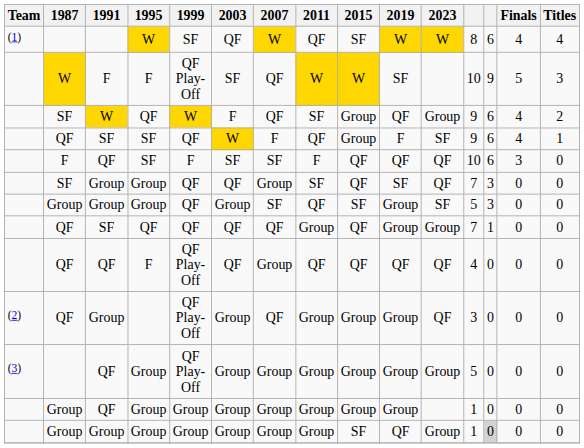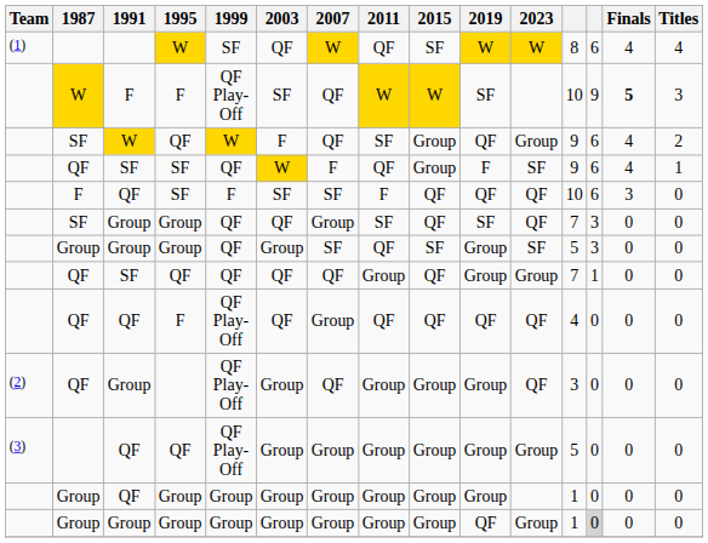 <table class="wikitable sortable" style="text-align:center">
 <tr>
 <th>Team</th>
 <th>1987</th>
 <th>1991</th>
 <th>1995</th>
 <th>1999</th>
 <th>2003</th>
 <th>2007</th>
 <th>2011</th>
 <th>2015</th>
 <th>2019</th>
 <th>2023</th>
 <th></th>
 <th></th>
 <th>Finals</th>
 <th>Titles</th>
 </tr>
 <tr>
 <td align=left><sup>(<a href='#'>1</a>)</sup></td>
 <td></td>
 <td></td>
 <td style="background:gold;">W</td>
 <td>SF</td>
 <td>QF</td>
 <td style="background:gold;">W</td>
 <td>QF</td>
 <td>SF</td>
 <td style="background:gold;">W</td>
 <td style="background:gold;">W</td>
 <td>8</td>
 <td>6</td>
 <td>4</td>
 <td>4</td>
 </tr>
 <tr>
 <td align=left></td>
 <td style="background:gold;">W</td>
 <td>F</td>
 <td>F</td>
 <td>QF Play-Off</td>
 <td>SF</td>
 <td>QF</td>
 <td style="background:gold;">W</td>
 <td style="background:gold;">W</td>
 <td>SF</td>
 <td></td>
 <td>10</td>
 <td>9</td>
-<td>5</td>
+<td><strong>5</strong></td>
 <td>3</td>
 </tr>
 <tr>
 <td align=left></td>
 <td>SF</td>
 <td style="background:gold;">W</td>
 <td>QF</td>
 <td style="background:gold;">W</td>
 <td>F</td>
 <td>QF</td>
 <td>SF</td>
 <td>Group</td>
 <td>QF</td>
 <td>Group</td>
 <td>9</td>
 <td>6</td>
 <td>4</td>
 <td>2</td>
 </tr>
 <tr>
 <td align=left></td>
 <td>QF</td>
 <td>SF</td>
 <td>SF</td>
 <td>QF</td>
 <td style="background:gold;">W</td>
 <td>F</td>
 <td>QF</td>
 <td>Group</td>
 <td>F</td>
 <td>SF</td>
 <td>9</td>
 <td>6</td>
 <td>4</td>
 <td>1</td>
 </tr>
 <tr>
 <td align=left></td>
 <td>F</td>
 <td>QF</td>
 <td>SF</td>
 <td>F</td>
 <td>SF</td>
 <td>SF</td>
 <td>F</td>
 <td>QF</td>
 <td>QF</td>
 <td>QF</td>
 <td>10</td>
 <td>6</td>
 <td>3</td>
 <td>0</td>
 </tr>
 <tr>
 <td align=left></td>
 <td>SF</td>
 <td>Group</td>
 <td>Group</td>
 <td>QF</td>
 <td>QF</td>
 <td>Group</td>
 <td>SF</td>
 <td>QF</td>
 <td>SF</td>
 <td>QF</td>
 <td>7</td>
 <td>3</td>
 <td>0</td>
 <td>0</td>
 </tr>
 <tr>
 <td align=left></td>
 <td>Group</td>
 <td>Group</td>
 <td>Group</td>
 <td>QF</td>
 <td>Group</td>
 <td>SF</td>
 <td>QF</td>
 <td>SF</td>
 <td>Group</td>
 <td>SF</td>
 <td>5</td>
 <td>3</td>
 <td>0</td>
 <td>0</td>
 </tr>
 <tr>
 <td align=left></td>
 <td>QF</td>
 <td>SF</td>
 <td>QF</td>
 <td>QF</td>
 <td>QF</td>
 <td>QF</td>
 <td>Group</td>
 <td>QF</td>
 <td>Group</td>
 <td>Group</td>
 <td>7</td>
 <td>1</td>
 <td>0</td>
 <td>0</td>
 </tr>
 <tr>
 <td align=left></td>
 <td>QF</td>
 <td>QF</td>
 <td>F</td>
 <td>QF Play-Off</td>
 <td>QF</td>
 <td>Group</td>
 <td>QF</td>
 <td>QF</td>
 <td>QF</td>
 <td>QF</td>
 <td>4</td>
 <td>0</td>
 <td>0</td>
 <td>0</td>
 </tr>
 <tr>
 <td align=left><sup>(<a href='#'>2</a>)</sup></td>
 <td>QF</td>
 <td>Group</td>
 <td></td>
 <td>QF Play-Off</td>
 <td>Group</td>
 <td>QF</td>
 <td>Group</td>
 <td>Group</td>
 <td>Group</td>
 <td>QF</td>
 <td>3</td>
 <td>0</td>
 <td>0</td>
 <td>0</td>
 </tr>
 <tr>
 <td align=left><sup>(<a href='#'>3</a>)</sup></td>
 <td></td>
 <td>QF</td>
-<td>Group</td>
+<td>QF</td>
 <td>QF Play-Off</td>
 <td>Group</td>
 <td>Group</td>
 <td>Group</td>
 <td>Group</td>
 <td>Group</td>
 <td>Group</td>
 <td>5</td>
 <td>0</td>
 <td>0</td>
 <td>0</td>
 </tr>
 <tr>
 <td align=left></td>
 <td>Group</td>
 <td>QF</td>
 <td>Group</td>
 <td>Group</td>
 <td>Group</td>
 <td>Group</td>
 <td>Group</td>
 <td>Group</td>
 <td>Group</td>
 <td></td>
 <td>1</td>
 <td>0</td>
 <td>0</td>
 <td>0</td>
 </tr>
 <tr>
 <td align=left></td>
 <td>Group</td>
 <td>Group</td>
 <td>Group</td>
 <td>Group</td>
 <td>Group</td>
 <td>Group</td>
 <td>Group</td>
-<td>SF</td>
+<td>Group</td>
 <td>QF</td>
 <td>Group</td>
 <td>1</td>
 <td style="background: lightgrey;">0</td>
 <td>0</td>
 <td>0</td>
 </tr>
 <tr>
 </tr>
 </table>
